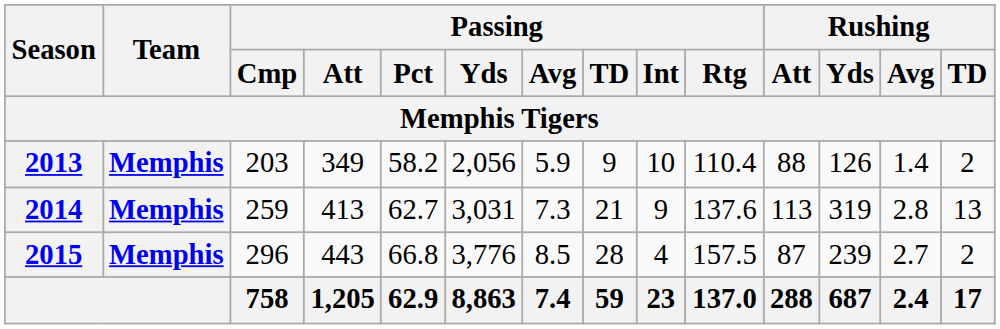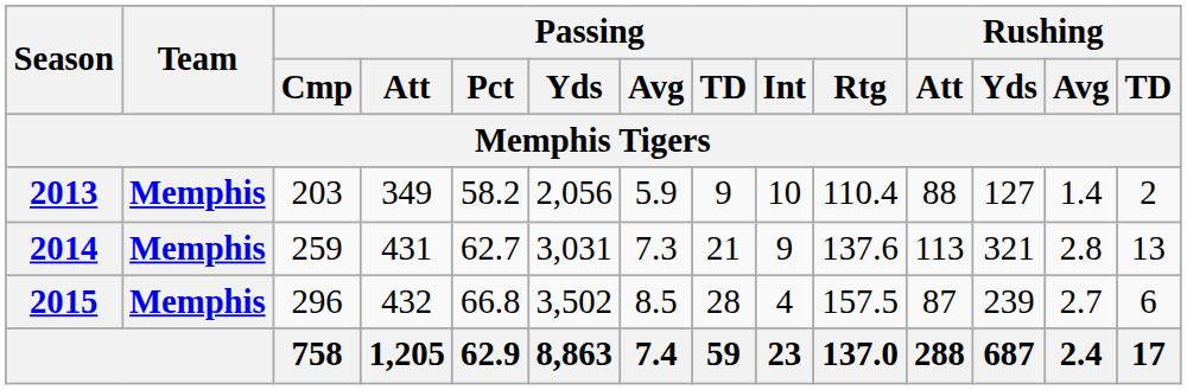 <table class="wikitable" style="text-align:center;">
 <tr>
 <th rowspan="2">Season</th>
 <th rowspan="2">Team</th>
 <th colspan="8">Passing</th>
 <th colspan="4">Rushing</th>
 </tr>
 <tr>
 <th>Cmp</th>
 <th>Att</th>
 <th>Pct</th>
 <th>Yds</th>
 <th>Avg</th>
 <th>TD</th>
 <th>Int</th>
 <th>Rtg</th>
 <th>Att</th>
 <th>Yds</th>
 <th>Avg</th>
 <th>TD</th>
 </tr>
 <tr>
 <th colspan="16">Memphis Tigers</th>
 </tr>
 <tr>
 <th><a href='#'>2013</a></th>
 <th><a href='#'>Memphis</a></th>
 <td>203</td>
 <td>349</td>
 <td>58.2</td>
 <td>2,056</td>
 <td>5.9</td>
 <td>9</td>
 <td>10</td>
 <td>110.4</td>
 <td>88</td>
-<td>126</td>
+<td>127</td>
 <td>1.4</td>
 <td>2</td>
 </tr>
 <tr>
 <th><a href='#'>2014</a></th>
 <th><a href='#'>Memphis</a></th>
 <td>259</td>
-<td>413</td>
+<td>431</td>
 <td>62.7</td>
 <td>3,031</td>
 <td>7.3</td>
 <td>21</td>
 <td>9</td>
 <td>137.6</td>
 <td>113</td>
-<td>319</td>
+<td>321</td>
 <td>2.8</td>
 <td>13</td>
 </tr>
 <tr>
 <th><a href='#'>2015</a></th>
 <th><a href='#'>Memphis</a></th>
 <td>296</td>
-<td>443</td>
+<td>432</td>
 <td>66.8</td>
-<td>3,776</td>
+<td>3,502</td>
 <td>8.5</td>
 <td>28</td>
 <td>4</td>
 <td>157.5</td>
 <td>87</td>
 <td>239</td>
 <td>2.7</td>
-<td>2</td>
+<td>6</td>
 </tr>
 <tr>
 <th colspan="2"></th>
 <th>758</th>
 <th>1,205</th>
 <th>62.9</th>
 <th>8,863</th>
 <th>7.4</th>
 <th>59</th>
 <th>23</th>
 <th>137.0</th>
 <th>288</th>
 <th>687</th>
 <th>2.4</th>
 <th>17</th>
 </tr>
 </table>
